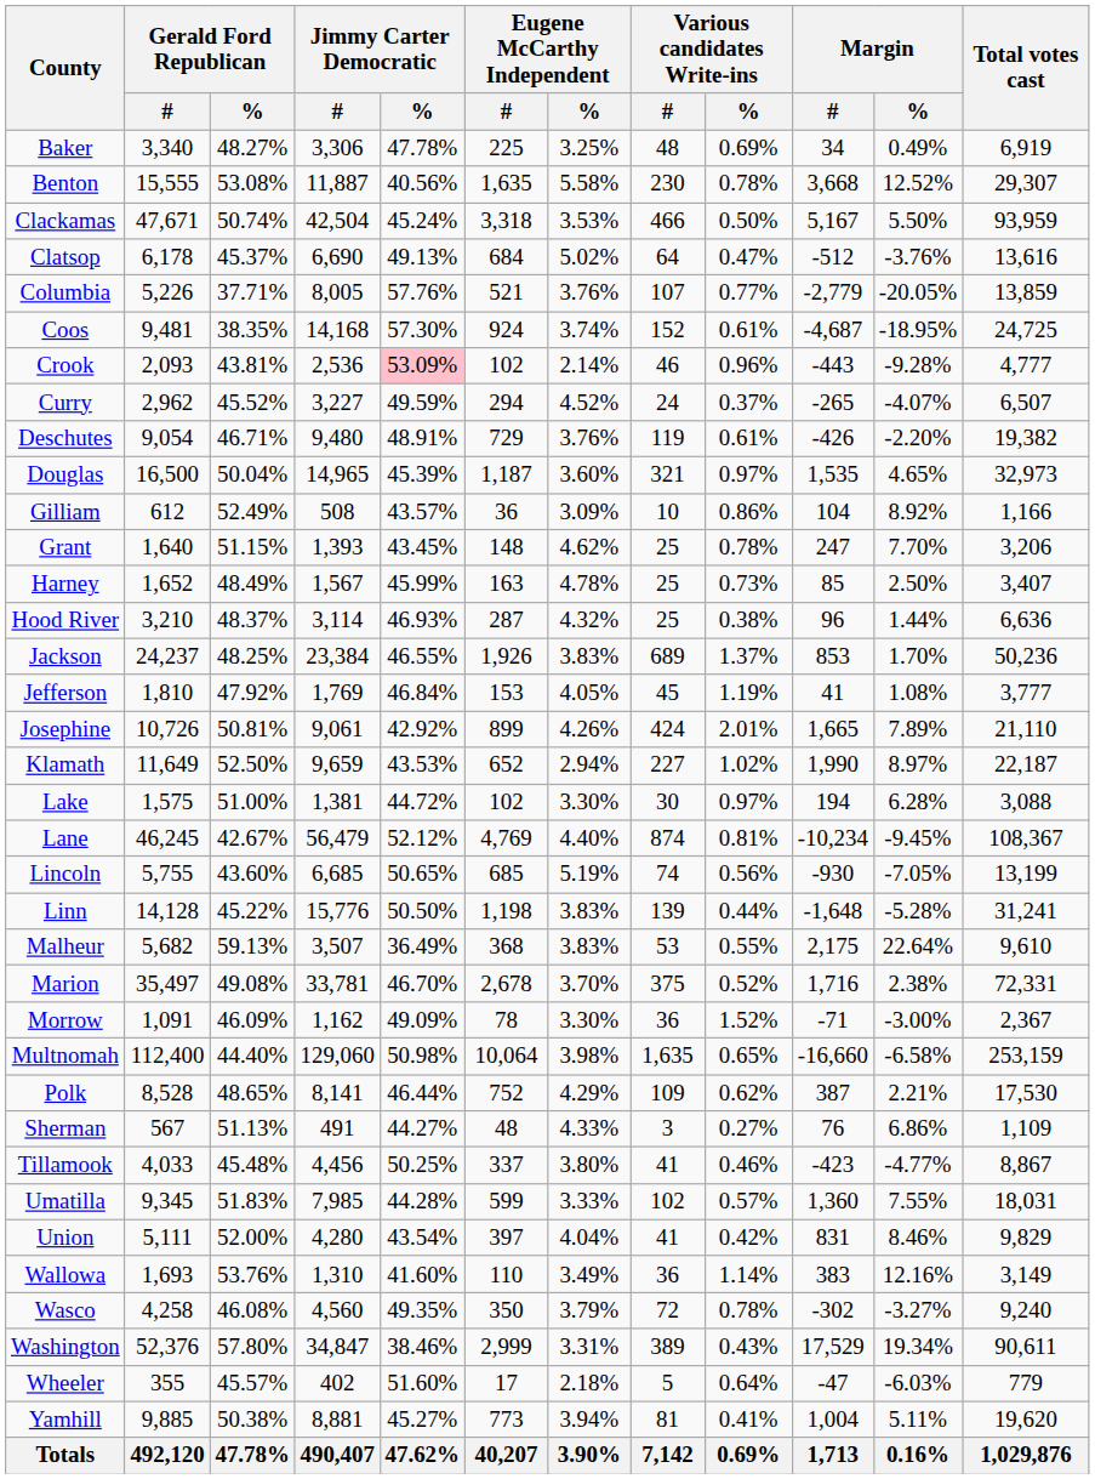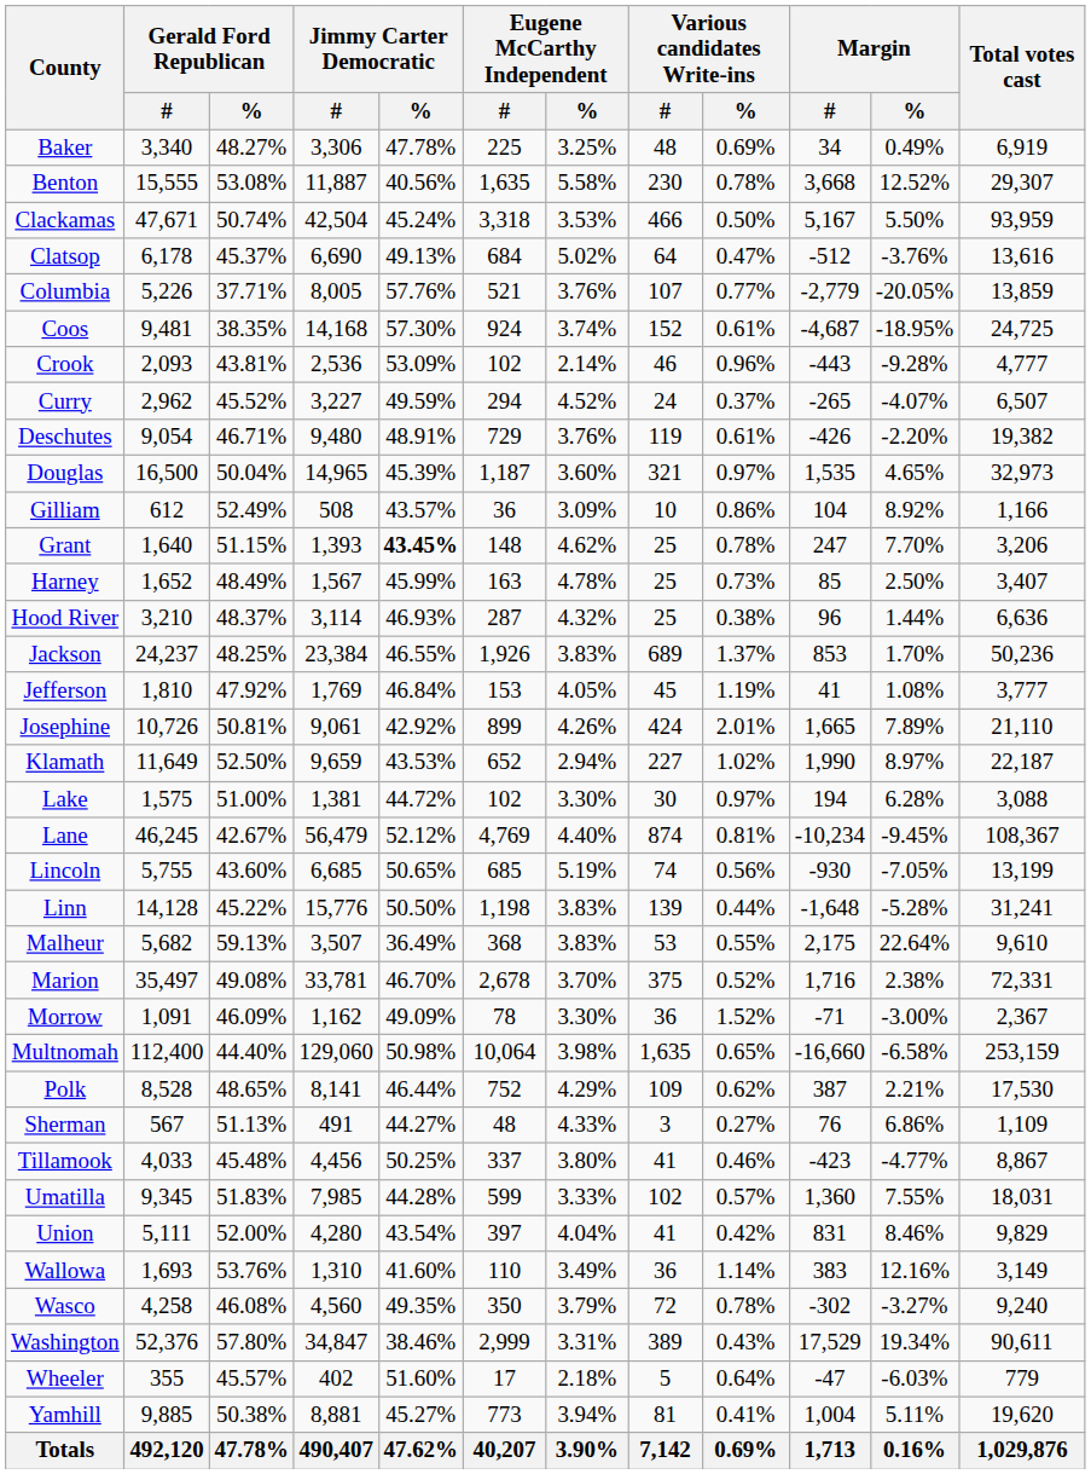 <table width="60%" class="wikitable sortable" style="text-align:center">
 <tr>
 <th style="text-align:center;" rowspan="2">County</th>
 <th style="text-align:center;" colspan="2">Gerald Ford<br>Republican</th>
 <th style="text-align:center;" colspan="2">Jimmy Carter<br>Democratic</th>
 <th style="text-align:center;" colspan="2">Eugene McCarthy<br>Independent</th>
 <th style="text-align:center;" colspan="2">Various candidates<br>Write-ins</th>
 <th style="text-align:center;" colspan="2">Margin</th>
 <th style="text-align:center;" rowspan="2">Total votes cast</th>
 </tr>
 <tr>
 <th style="text-align:center;" data-sort-type="number">#</th>
 <th style="text-align:center;" data-sort-type="number">%</th>
 <th style="text-align:center;" data-sort-type="number">#</th>
 <th style="text-align:center;" data-sort-type="number">%</th>
 <th style="text-align:center;" data-sort-type="number">#</th>
 <th style="text-align:center;" data-sort-type="number">%</th>
 <th style="text-align:center;" data-sort-type="number">#</th>
 <th style="text-align:center;" data-sort-type="number">%</th>
 <th style="text-align:center;" data-sort-type="number">#</th>
 <th style="text-align:center;" data-sort-type="number">%</th>
 </tr>
 <tr style="text-align:center;">
 <td><a href='#'>Baker</a></td>
 <td>3,340</td>
 <td>48.27%</td>
 <td>3,306</td>
 <td>47.78%</td>
 <td>225</td>
 <td>3.25%</td>
 <td>48</td>
 <td>0.69%</td>
 <td>34</td>
 <td>0.49%</td>
 <td>6,919</td>
 </tr>
 <tr style="text-align:center;">
 <td><a href='#'>Benton</a></td>
 <td>15,555</td>
 <td>53.08%</td>
 <td>11,887</td>
 <td>40.56%</td>
 <td>1,635</td>
 <td>5.58%</td>
 <td>230</td>
 <td>0.78%</td>
 <td>3,668</td>
 <td>12.52%</td>
 <td>29,307</td>
 </tr>
 <tr style="text-align:center;">
 <td><a href='#'>Clackamas</a></td>
 <td>47,671</td>
 <td>50.74%</td>
 <td>42,504</td>
 <td>45.24%</td>
 <td>3,318</td>
 <td>3.53%</td>
 <td>466</td>
 <td>0.50%</td>
 <td>5,167</td>
 <td>5.50%</td>
 <td>93,959</td>
 </tr>
 <tr style="text-align:center;">
 <td><a href='#'>Clatsop</a></td>
 <td>6,178</td>
 <td>45.37%</td>
 <td>6,690</td>
 <td>49.13%</td>
 <td>684</td>
 <td>5.02%</td>
 <td>64</td>
 <td>0.47%</td>
 <td>-512</td>
 <td>-3.76%</td>
 <td>13,616</td>
 </tr>
 <tr style="text-align:center;">
 <td><a href='#'>Columbia</a></td>
 <td>5,226</td>
 <td>37.71%</td>
 <td>8,005</td>
 <td>57.76%</td>
 <td>521</td>
 <td>3.76%</td>
 <td>107</td>
 <td>0.77%</td>
 <td>-2,779</td>
 <td>-20.05%</td>
 <td>13,859</td>
 </tr>
 <tr style="text-align:center;">
 <td><a href='#'>Coos</a></td>
 <td>9,481</td>
 <td>38.35%</td>
 <td>14,168</td>
 <td>57.30%</td>
 <td>924</td>
 <td>3.74%</td>
 <td>152</td>
 <td>0.61%</td>
 <td>-4,687</td>
 <td>-18.95%</td>
 <td>24,725</td>
 </tr>
 <tr style="text-align:center;">
 <td><a href='#'>Crook</a></td>
 <td>2,093</td>
 <td>43.81%</td>
 <td>2,536</td>
-<td style="background: pink;">53.09%</td>
+<td>53.09%</td>
 <td>102</td>
 <td>2.14%</td>
 <td>46</td>
 <td>0.96%</td>
 <td>-443</td>
 <td>-9.28%</td>
 <td>4,777</td>
 </tr>
 <tr style="text-align:center;">
 <td><a href='#'>Curry</a></td>
 <td>2,962</td>
 <td>45.52%</td>
 <td>3,227</td>
 <td>49.59%</td>
 <td>294</td>
 <td>4.52%</td>
 <td>24</td>
 <td>0.37%</td>
 <td>-265</td>
 <td>-4.07%</td>
 <td>6,507</td>
 </tr>
 <tr style="text-align:center;">
 <td><a href='#'>Deschutes</a></td>
 <td>9,054</td>
 <td>46.71%</td>
 <td>9,480</td>
 <td>48.91%</td>
 <td>729</td>
 <td>3.76%</td>
 <td>119</td>
 <td>0.61%</td>
 <td>-426</td>
 <td>-2.20%</td>
 <td>19,382</td>
 </tr>
 <tr style="text-align:center;">
 <td><a href='#'>Douglas</a></td>
 <td>16,500</td>
 <td>50.04%</td>
 <td>14,965</td>
 <td>45.39%</td>
 <td>1,187</td>
 <td>3.60%</td>
 <td>321</td>
 <td>0.97%</td>
 <td>1,535</td>
 <td>4.65%</td>
 <td>32,973</td>
 </tr>
 <tr style="text-align:center;">
 <td><a href='#'>Gilliam</a></td>
 <td>612</td>
 <td>52.49%</td>
 <td>508</td>
 <td>43.57%</td>
 <td>36</td>
 <td>3.09%</td>
 <td>10</td>
 <td>0.86%</td>
 <td>104</td>
 <td>8.92%</td>
 <td>1,166</td>
 </tr>
 <tr style="text-align:center;">
 <td><a href='#'>Grant</a></td>
 <td>1,640</td>
 <td>51.15%</td>
 <td>1,393</td>
-<td>43.45%</td>
+<td><strong>43.45%</strong></td>
 <td>148</td>
 <td>4.62%</td>
 <td>25</td>
 <td>0.78%</td>
 <td>247</td>
 <td>7.70%</td>
 <td>3,206</td>
 </tr>
 <tr style="text-align:center;">
 <td><a href='#'>Harney</a></td>
 <td>1,652</td>
 <td>48.49%</td>
 <td>1,567</td>
 <td>45.99%</td>
 <td>163</td>
 <td>4.78%</td>
 <td>25</td>
 <td>0.73%</td>
 <td>85</td>
 <td>2.50%</td>
 <td>3,407</td>
 </tr>
 <tr style="text-align:center;">
 <td><a href='#'>Hood River</a></td>
 <td>3,210</td>
 <td>48.37%</td>
 <td>3,114</td>
 <td>46.93%</td>
 <td>287</td>
 <td>4.32%</td>
 <td>25</td>
 <td>0.38%</td>
 <td>96</td>
 <td>1.44%</td>
 <td>6,636</td>
 </tr>
 <tr style="text-align:center;">
 <td><a href='#'>Jackson</a></td>
 <td>24,237</td>
 <td>48.25%</td>
 <td>23,384</td>
 <td>46.55%</td>
 <td>1,926</td>
 <td>3.83%</td>
 <td>689</td>
 <td>1.37%</td>
 <td>853</td>
 <td>1.70%</td>
 <td>50,236</td>
 </tr>
 <tr style="text-align:center;">
 <td><a href='#'>Jefferson</a></td>
 <td>1,810</td>
 <td>47.92%</td>
 <td>1,769</td>
 <td>46.84%</td>
 <td>153</td>
 <td>4.05%</td>
 <td>45</td>
 <td>1.19%</td>
 <td>41</td>
 <td>1.08%</td>
 <td>3,777</td>
 </tr>
 <tr style="text-align:center;">
 <td><a href='#'>Josephine</a></td>
 <td>10,726</td>
 <td>50.81%</td>
 <td>9,061</td>
 <td>42.92%</td>
 <td>899</td>
 <td>4.26%</td>
 <td>424</td>
 <td>2.01%</td>
 <td>1,665</td>
 <td>7.89%</td>
 <td>21,110</td>
 </tr>
 <tr style="text-align:center;">
 <td><a href='#'>Klamath</a></td>
 <td>11,649</td>
 <td>52.50%</td>
 <td>9,659</td>
 <td>43.53%</td>
 <td>652</td>
 <td>2.94%</td>
 <td>227</td>
 <td>1.02%</td>
 <td>1,990</td>
 <td>8.97%</td>
 <td>22,187</td>
 </tr>
 <tr style="text-align:center;">
 <td><a href='#'>Lake</a></td>
 <td>1,575</td>
 <td>51.00%</td>
 <td>1,381</td>
 <td>44.72%</td>
 <td>102</td>
 <td>3.30%</td>
 <td>30</td>
 <td>0.97%</td>
 <td>194</td>
 <td>6.28%</td>
 <td>3,088</td>
 </tr>
 <tr style="text-align:center;">
 <td><a href='#'>Lane</a></td>
 <td>46,245</td>
 <td>42.67%</td>
 <td>56,479</td>
 <td>52.12%</td>
 <td>4,769</td>
 <td>4.40%</td>
 <td>874</td>
 <td>0.81%</td>
 <td>-10,234</td>
 <td>-9.45%</td>
 <td>108,367</td>
 </tr>
 <tr style="text-align:center;">
 <td><a href='#'>Lincoln</a></td>
 <td>5,755</td>
 <td>43.60%</td>
 <td>6,685</td>
 <td>50.65%</td>
 <td>685</td>
 <td>5.19%</td>
 <td>74</td>
 <td>0.56%</td>
 <td>-930</td>
 <td>-7.05%</td>
 <td>13,199</td>
 </tr>
 <tr style="text-align:center;">
 <td><a href='#'>Linn</a></td>
 <td>14,128</td>
 <td>45.22%</td>
 <td>15,776</td>
 <td>50.50%</td>
 <td>1,198</td>
 <td>3.83%</td>
 <td>139</td>
 <td>0.44%</td>
 <td>-1,648</td>
 <td>-5.28%</td>
 <td>31,241</td>
 </tr>
 <tr style="text-align:center;">
 <td><a href='#'>Malheur</a></td>
 <td>5,682</td>
 <td>59.13%</td>
 <td>3,507</td>
 <td>36.49%</td>
 <td>368</td>
 <td>3.83%</td>
 <td>53</td>
 <td>0.55%</td>
 <td>2,175</td>
 <td>22.64%</td>
 <td>9,610</td>
 </tr>
 <tr style="text-align:center;">
 <td><a href='#'>Marion</a></td>
 <td>35,497</td>
 <td>49.08%</td>
 <td>33,781</td>
 <td>46.70%</td>
 <td>2,678</td>
 <td>3.70%</td>
 <td>375</td>
 <td>0.52%</td>
 <td>1,716</td>
 <td>2.38%</td>
 <td>72,331</td>
 </tr>
 <tr style="text-align:center;">
 <td><a href='#'>Morrow</a></td>
 <td>1,091</td>
 <td>46.09%</td>
 <td>1,162</td>
 <td>49.09%</td>
 <td>78</td>
 <td>3.30%</td>
 <td>36</td>
 <td>1.52%</td>
 <td>-71</td>
 <td>-3.00%</td>
 <td>2,367</td>
 </tr>
 <tr style="text-align:center;">
 <td><a href='#'>Multnomah</a></td>
 <td>112,400</td>
 <td>44.40%</td>
 <td>129,060</td>
 <td>50.98%</td>
 <td>10,064</td>
 <td>3.98%</td>
 <td>1,635</td>
 <td>0.65%</td>
 <td>-16,660</td>
 <td>-6.58%</td>
 <td>253,159</td>
 </tr>
 <tr style="text-align:center;">
 <td><a href='#'>Polk</a></td>
 <td>8,528</td>
 <td>48.65%</td>
 <td>8,141</td>
 <td>46.44%</td>
 <td>752</td>
 <td>4.29%</td>
 <td>109</td>
 <td>0.62%</td>
 <td>387</td>
 <td>2.21%</td>
 <td>17,530</td>
 </tr>
 <tr style="text-align:center;">
 <td><a href='#'>Sherman</a></td>
 <td>567</td>
 <td>51.13%</td>
 <td>491</td>
 <td>44.27%</td>
 <td>48</td>
 <td>4.33%</td>
 <td>3</td>
 <td>0.27%</td>
 <td>76</td>
 <td>6.86%</td>
 <td>1,109</td>
 </tr>
 <tr style="text-align:center;">
 <td><a href='#'>Tillamook</a></td>
 <td>4,033</td>
 <td>45.48%</td>
 <td>4,456</td>
 <td>50.25%</td>
 <td>337</td>
 <td>3.80%</td>
 <td>41</td>
 <td>0.46%</td>
 <td>-423</td>
 <td>-4.77%</td>
 <td>8,867</td>
 </tr>
 <tr style="text-align:center;">
 <td><a href='#'>Umatilla</a></td>
 <td>9,345</td>
 <td>51.83%</td>
 <td>7,985</td>
 <td>44.28%</td>
 <td>599</td>
 <td>3.33%</td>
 <td>102</td>
 <td>0.57%</td>
 <td>1,360</td>
 <td>7.55%</td>
 <td>18,031</td>
 </tr>
 <tr style="text-align:center;">
 <td><a href='#'>Union</a></td>
 <td>5,111</td>
 <td>52.00%</td>
 <td>4,280</td>
 <td>43.54%</td>
 <td>397</td>
 <td>4.04%</td>
 <td>41</td>
 <td>0.42%</td>
 <td>831</td>
 <td>8.46%</td>
 <td>9,829</td>
 </tr>
 <tr style="text-align:center;">
 <td><a href='#'>Wallowa</a></td>
 <td>1,693</td>
 <td>53.76%</td>
 <td>1,310</td>
 <td>41.60%</td>
 <td>110</td>
 <td>3.49%</td>
 <td>36</td>
 <td>1.14%</td>
 <td>383</td>
 <td>12.16%</td>
 <td>3,149</td>
 </tr>
 <tr style="text-align:center;">
 <td><a href='#'>Wasco</a></td>
 <td>4,258</td>
 <td>46.08%</td>
 <td>4,560</td>
 <td>49.35%</td>
 <td>350</td>
 <td>3.79%</td>
 <td>72</td>
 <td>0.78%</td>
 <td>-302</td>
 <td>-3.27%</td>
 <td>9,240</td>
 </tr>
 <tr style="text-align:center;">
 <td><a href='#'>Washington</a></td>
 <td>52,376</td>
 <td>57.80%</td>
 <td>34,847</td>
 <td>38.46%</td>
 <td>2,999</td>
 <td>3.31%</td>
 <td>389</td>
 <td>0.43%</td>
 <td>17,529</td>
 <td>19.34%</td>
 <td>90,611</td>
 </tr>
 <tr style="text-align:center;">
 <td><a href='#'>Wheeler</a></td>
 <td>355</td>
 <td>45.57%</td>
 <td>402</td>
 <td>51.60%</td>
 <td>17</td>
 <td>2.18%</td>
 <td>5</td>
 <td>0.64%</td>
 <td>-47</td>
 <td>-6.03%</td>
 <td>779</td>
 </tr>
 <tr style="text-align:center;">
 <td><a href='#'>Yamhill</a></td>
 <td>9,885</td>
 <td>50.38%</td>
 <td>8,881</td>
 <td>45.27%</td>
 <td>773</td>
 <td>3.94%</td>
 <td>81</td>
 <td>0.41%</td>
 <td>1,004</td>
 <td>5.11%</td>
 <td>19,620</td>
 </tr>
 <tr style="text-align:center;">
 <th>Totals</th>
 <th>492,120</th>
 <th>47.78%</th>
 <th>490,407</th>
 <th>47.62%</th>
 <th>40,207</th>
 <th>3.90%</th>
 <th>7,142</th>
 <th>0.69%</th>
 <th>1,713</th>
 <th>0.16%</th>
 <th>1,029,876</th>
 </tr>
 </table>
